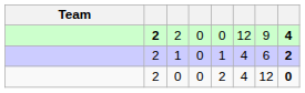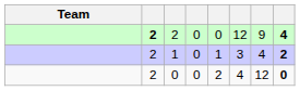 <table class="wikitable" style="text-align:center;">
 <tr>
 <th width=165>Team</th>
 <th width=20></th>
 <th width=20></th>
 <th width=20></th>
 <th width=20></th>
 <th width=20></th>
 <th width=20></th>
 <th width=20></th>
 </tr>
 <tr style="background:#cfc;">
 <td align="left"></td>
 <td><strong>2</strong></td>
 <td>2</td>
 <td>0</td>
 <td>0</td>
 <td>12</td>
 <td>9</td>
 <td><strong>4</strong></td>
 </tr>
 <tr style="background:#ccccff;">
 <td align="left"></td>
 <td>2</td>
 <td>1</td>
 <td>0</td>
 <td>1</td>
+<td>3</td>
 <td>4</td>
-<td>6</td>
 <td><strong>2</strong></td>
 </tr>
 <tr>
 <td align="left"></td>
 <td>2</td>
 <td>0</td>
 <td>0</td>
 <td>2</td>
 <td>4</td>
 <td>12</td>
 <td><strong>0</strong></td>
 </tr>
 </table>
